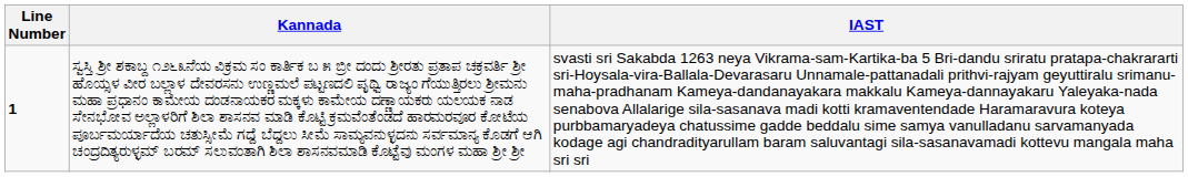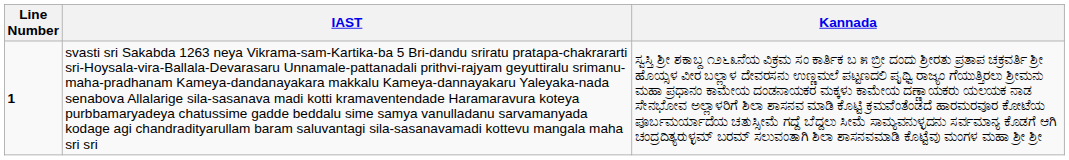 <table class="wikitable">
 <tr>
 <th>Line<br>Number</th>
+<th><a href='#'>IAST</a></th>
 <th><a href='#'>Kannada</a></th>
-<th><a href='#'>IAST</a></th>
 </tr>
 <tr>
 <td><strong>1</strong></td>
+<td>svasti sri Sakabda 1263 neya Vikrama-sam-Kartika-ba 5 Bri-dandu sriratu pratapa-chakrararti sri-Hoysala-vira-Ballala-Devarasaru Unnamale-pattanadali prithvi-rajyam geyuttiralu srimanu-maha-pradhanam Kameya-dandanayakara makkalu Kameya-dannayakaru Yaleyaka-nada senabova Allalarige sila-sasanava madi kotti kramaventendade Haramaravura koteya purbbamaryadeya chatussime gadde beddalu sime samya vanulladanu sarvamanyada kodage agi chandradityarullam baram saluvantagi sila-sasanavamadi kottevu mangala maha sri sri</td>
 <td>ಸ್ವಸ್ತಿ ಶ್ರೀ ಶಕಾಬ್ದ ೧೨೬೩ನೆಯ ವಿಕ್ರಮ ಸಂ ಕಾರ್ತಿಕ ಬ ೫ ಬ್ರೀ ದಂದು ಶ್ರೀರತು ಪ್ರತಾಪ ಚಕ್ರವರ್ತಿ ಶ್ರೀ ಹೊಯ್ಸಳ ವೀರ ಬಲ್ಲಾಳ ದೇವರಸನು ಉಣ್ಣಮಲೆ ಪಟ್ಟಣದಲಿ ಪೃಥ್ವಿ ರಾಜ್ಯಂ ಗೆಯುತ್ತಿರಲು ಶ್ರೀಮನು ಮಹಾ ಪ್ರಧಾನಂ ಕಾಮೇಯ ದಂಡನಾಯಕರ ಮಕ್ಕಳು ಕಾಮೇಯ ದಣ್ಣಾಯಕರು ಯಲಯಕ ನಾಡ ಸೇನಭೋವ ಅಲ್ಲಾಳರಿಗೆ ಶಿಲಾ ಶಾಸನವ ಮಾಡಿ ಕೊಟ್ಟಿ ಕ್ರಮವೆಂತೆಂಡದೆ ಹಾರಮರವೂರ  ಕೋಟೆಯ ಪೂರ್ಬಮರ್ಯಾದೆಯ ಚತುಸ್ಸೀಮೆ ಗದ್ದೆ ಬೆದ್ದಲು ಸೀಮೆ ಸಾಮ್ಯವನುಳ್ಳದನು ಸರ್ವಮಾನ್ಯ ಕೊಡಗೆ ಆಗಿ ಚಂದ್ರದಿತ್ಯರುಳ್ಳಮ್ ಬರಮ್ ಸಲುವಂತಾಗಿ ಶಿಲಾ ಶಾಸನವಮಾಡಿ ಕೊಟ್ಟೆವು ಮಂಗಳ ಮಹಾ ಶ್ರೀ ಶ್ರೀ</td>
-<td>svasti sri Sakabda 1263 neya Vikrama-sam-Kartika-ba 5 Bri-dandu sriratu pratapa-chakrararti sri-Hoysala-vira-Ballala-Devarasaru Unnamale-pattanadali prithvi-rajyam geyuttiralu srimanu-maha-pradhanam Kameya-dandanayakara makkalu Kameya-dannayakaru Yaleyaka-nada senabova Allalarige sila-sasanava madi kotti kramaventendade Haramaravura koteya purbbamaryadeya chatussime gadde beddalu sime samya vanulladanu sarvamanyada kodage agi chandradityarullam baram saluvantagi sila-sasanavamadi kottevu mangala maha sri sri</td>
 </tr>
 </table>
